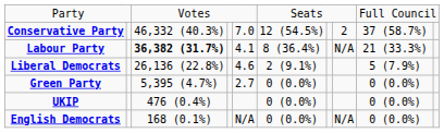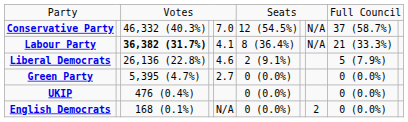 <table class=wikitable style="text-align:center;">
 <tr>
 <td colspan=2>Party</td>
 <td colspan=3>Votes</td>
 <td colspan=3>Seats</td>
 <td colspan=3>Full Council</td>
 </tr>
 <tr>
 <td><strong><a href='#'>Conservative Party</a></strong></td>
 <td style="background:"></td>
 <td>46,332 (40.3%)</td>
 <td></td>
 <td> 7.0</td>
 <td>12 (54.5%)</td>
 <td></td>
-<td> 2</td>
+<td>N/A</td>
 <td>37 (58.7%)</td>
 <td></td>
 </tr>
 <tr>
 <td><strong><a href='#'>Labour Party</a></strong></td>
 <td style="background:"></td>
 <td><strong>36,382 (31.7%)</strong></td>
 <td></td>
 <td> 4.1</td>
 <td>8 (36.4%)</td>
 <td></td>
 <td>N/A</td>
 <td>21 (33.3%)</td>
 <td></td>
 </tr>
 <tr>
 <td><strong><a href='#'>Liberal Democrats</a></strong></td>
 <td style="background:"></td>
 <td>26,136 (22.8%)</td>
 <td></td>
 <td> 4.6</td>
 <td>2 (9.1%)</td>
 <td></td>
 <td></td>
 <td>5 (7.9%)</td>
 <td></td>
 </tr>
 <tr>
 <td><strong><a href='#'>Green Party</a></strong></td>
 <td style="background:"></td>
 <td>5,395 (4.7%)</td>
 <td></td>
 <td> 2.7</td>
 <td>0 (0.0%)</td>
 <td></td>
 <td></td>
 <td>0 (0.0%)</td>
 <td></td>
 </tr>
 <tr>
 <td><strong><a href='#'>UKIP</a></strong></td>
 <td style="background:"></td>
 <td>476 (0.4%)</td>
 <td></td>
 <td></td>
 <td>0 (0.0%)</td>
 <td></td>
 <td></td>
 <td>0 (0.0%)</td>
 <td></td>
 </tr>
 <tr>
 <td><strong><a href='#'>English Democrats</a></strong></td>
 <td style="background:"></td>
 <td>168 (0.1%)</td>
 <td></td>
 <td>N/A</td>
 <td>0 (0.0%)</td>
 <td></td>
-<td>N/A</td>
+<td> 2</td>
 <td>0 (0.0%)</td>
 <td></td>
 </tr>
 </table>
